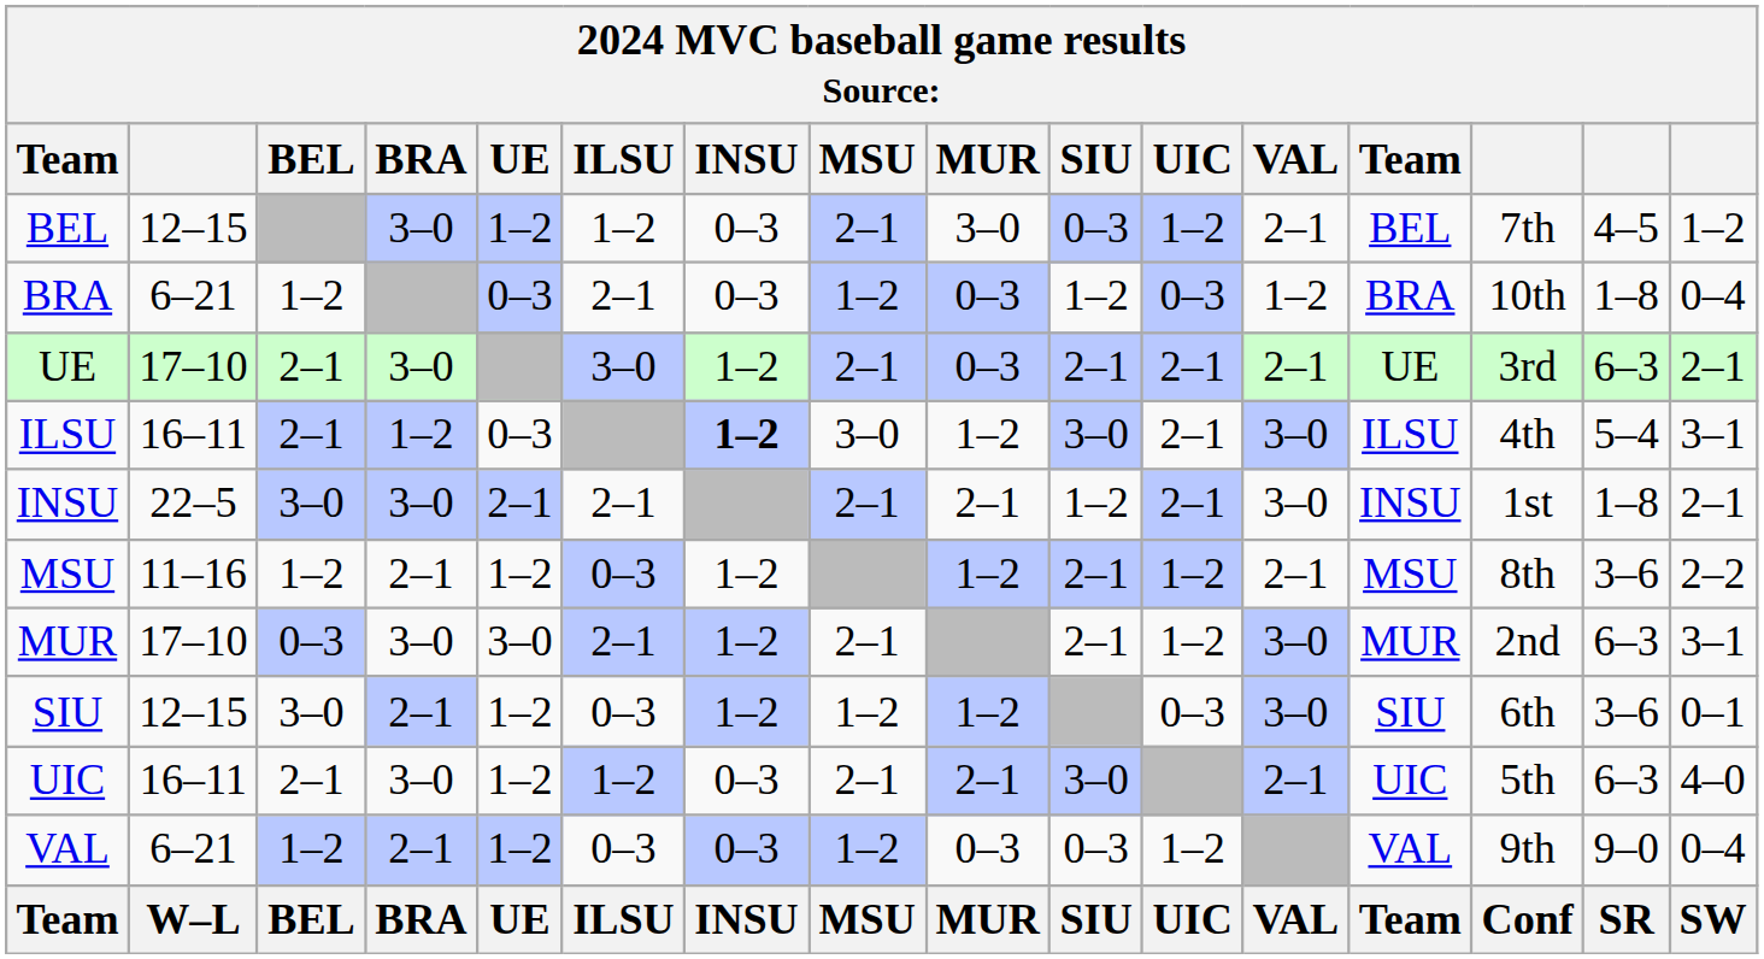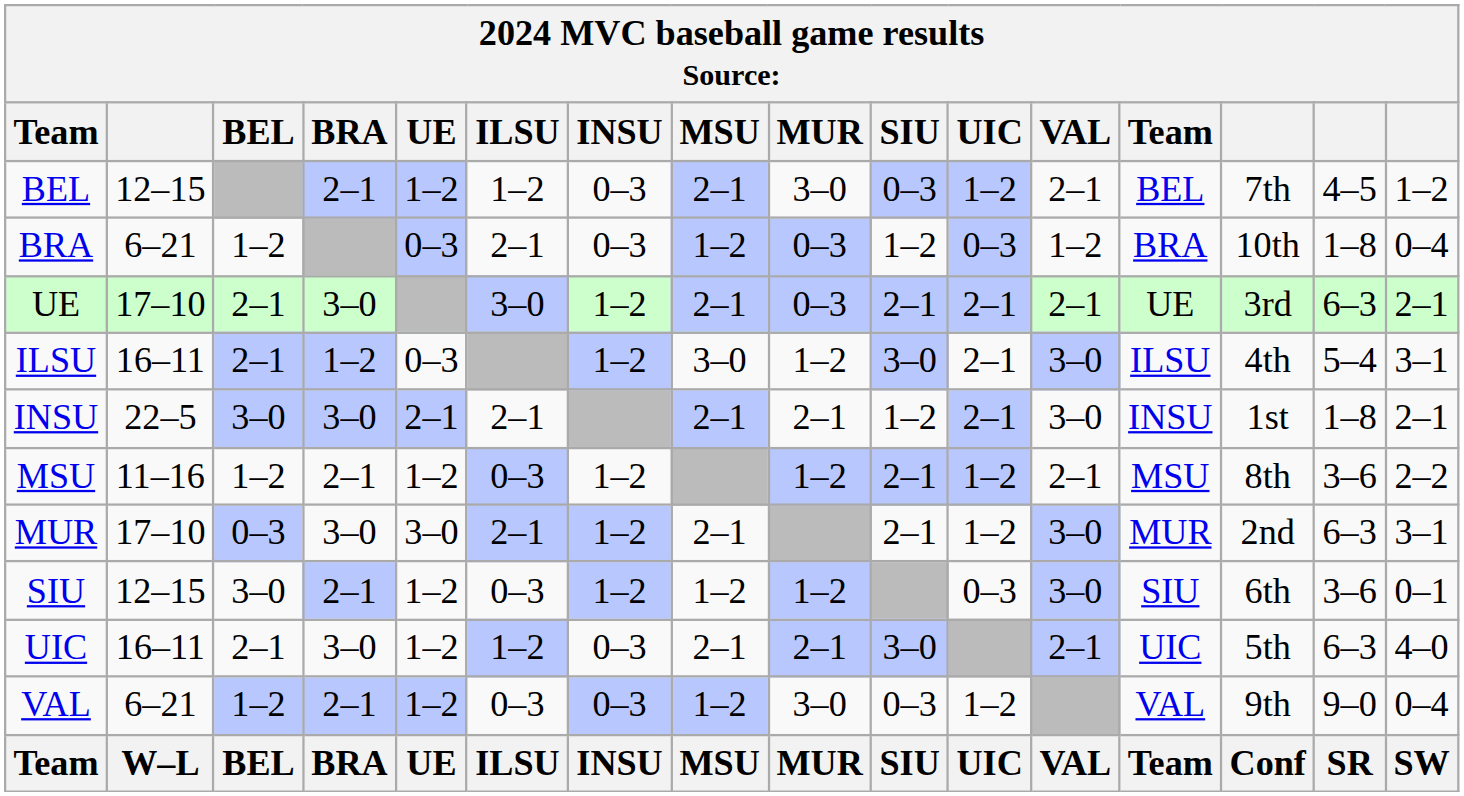 <table class="wikitable sortable" style="text-align:center">
 <tr>
 <th colspan="20">2024 MVC baseball game results<br><small>Source: </small></th>
 </tr>
 <tr>
 <th>Team</th>
 <th></th>
 <th class=unsortable>BEL</th>
 <th class=unsortable>BRA</th>
 <th class=unsortable>UE</th>
 <th class=unsortable>ILSU</th>
 <th class=unsortable>INSU</th>
 <th class=unsortable>MSU</th>
 <th class=unsortable>MUR</th>
 <th class=unsortable>SIU</th>
 <th class=unsortable>UIC</th>
 <th class=unsortable>VAL</th>
 <th>Team</th>
 <th></th>
 <th></th>
 <th></th>
 </tr>
 <tr>
 <td><a href='#'>BEL</a></td>
 <td>12–15</td>
 <td style="background-color:#BBBBBB"></td>
-<td style="background-color:#B8C8FF">3–0</td>
+<td style="background-color:#B8C8FF">2–1</td>
 <td style="background-color:#B8C8FF">1–2</td>
 <td>1–2</td>
 <td>0–3</td>
 <td style="background-color:#B8C8FF">2–1</td>
 <td>3–0</td>
 <td style="background-color:#B8C8FF">0–3</td>
 <td style="background-color:#B8C8FF">1–2</td>
 <td>2–1</td>
 <td><a href='#'>BEL</a></td>
 <td>7th</td>
 <td>4–5</td>
 <td>1–2</td>
 </tr>
 <tr>
 <td><a href='#'>BRA</a></td>
 <td>6–21</td>
 <td>1–2</td>
 <td style="background-color:#BBBBBB"></td>
 <td style="background-color:#B8C8FF">0–3</td>
 <td>2–1</td>
 <td>0–3</td>
 <td style="background-color:#B8C8FF">1–2</td>
 <td style="background-color:#B8C8FF">0–3</td>
 <td>1–2</td>
 <td style="background-color:#B8C8FF">0–3</td>
 <td>1–2</td>
 <td><a href='#'>BRA</a></td>
 <td>10th</td>
 <td>1–8</td>
 <td>0–4</td>
 </tr>
 <tr style="background-color:#CCFFCC">
 <td>UE</td>
 <td>17–10</td>
 <td>2–1</td>
 <td>3–0</td>
 <td style="background-color:#BBBBBB"></td>
 <td style="background-color:#B8C8FF">3–0</td>
 <td>1–2</td>
 <td style="background-color:#B8C8FF">2–1</td>
 <td style="background-color:#B8C8FF">0–3</td>
 <td style="background-color:#B8C8FF">2–1</td>
 <td style="background-color:#B8C8FF">2–1</td>
 <td>2–1</td>
 <td>UE</td>
 <td>3rd</td>
 <td>6–3</td>
 <td>2–1</td>
 </tr>
 <tr>
 <td><a href='#'>ILSU</a></td>
 <td>16–11</td>
 <td style="background-color:#B8C8FF">2–1</td>
 <td style="background-color:#B8C8FF">1–2</td>
 <td>0–3</td>
 <td style="background-color:#BBBBBB"></td>
-<td style="background-color:#B8C8FF"><strong>1–2</strong></td>
+<td style="background-color:#B8C8FF">1–2</td>
 <td>3–0</td>
 <td>1–2</td>
 <td style="background-color:#B8C8FF">3–0</td>
 <td>2–1</td>
 <td style="background-color:#B8C8FF">3–0</td>
 <td><a href='#'>ILSU</a></td>
 <td>4th</td>
 <td>5–4</td>
 <td>3–1</td>
 </tr>
 <tr>
 <td><a href='#'>INSU</a></td>
 <td>22–5</td>
 <td style="background-color:#B8C8FF">3–0</td>
 <td style="background-color:#B8C8FF">3–0</td>
 <td style="background-color:#B8C8FF">2–1</td>
 <td>2–1</td>
 <td style="background-color:#BBBBBB"></td>
 <td style="background-color:#B8C8FF">2–1</td>
 <td>2–1</td>
 <td>1–2</td>
 <td style="background-color:#B8C8FF">2–1</td>
 <td>3–0</td>
 <td><a href='#'>INSU</a></td>
 <td>1st</td>
 <td>1–8</td>
 <td>2–1</td>
 </tr>
 <tr>
 <td><a href='#'>MSU</a></td>
 <td>11–16</td>
 <td>1–2</td>
 <td>2–1</td>
 <td>1–2</td>
 <td style="background-color:#B8C8FF">0–3</td>
 <td>1–2</td>
 <td style="background-color:#BBBBBB"></td>
 <td style="background-color:#B8C8FF">1–2</td>
 <td style="background-color:#B8C8FF">2–1</td>
 <td style="background-color:#B8C8FF">1–2</td>
 <td>2–1</td>
 <td><a href='#'>MSU</a></td>
 <td>8th</td>
 <td>3–6</td>
 <td>2–2</td>
 </tr>
 <tr>
 <td><a href='#'>MUR</a></td>
 <td>17–10</td>
 <td style="background-color:#B8C8FF">0–3</td>
 <td>3–0</td>
 <td>3–0</td>
 <td style="background-color:#B8C8FF">2–1</td>
 <td style="background-color:#B8C8FF">1–2</td>
 <td>2–1</td>
 <td style="background-color:#BBBBBB"></td>
 <td>2–1</td>
 <td>1–2</td>
 <td style="background-color:#B8C8FF">3–0</td>
 <td><a href='#'>MUR</a></td>
 <td>2nd</td>
 <td>6–3</td>
 <td>3–1</td>
 </tr>
 <tr>
 <td><a href='#'>SIU</a></td>
 <td>12–15</td>
 <td>3–0</td>
 <td style="background-color:#B8C8FF">2–1</td>
 <td>1–2</td>
 <td>0–3</td>
 <td style="background-color:#B8C8FF">1–2</td>
 <td>1–2</td>
 <td style="background-color:#B8C8FF">1–2</td>
 <td style="background-color:#BBBBBB"></td>
 <td>0–3</td>
 <td style="background-color:#B8C8FF">3–0</td>
 <td><a href='#'>SIU</a></td>
 <td>6th</td>
 <td>3–6</td>
 <td>0–1</td>
 </tr>
 <tr>
 <td><a href='#'>UIC</a></td>
 <td>16–11</td>
 <td>2–1</td>
 <td>3–0</td>
 <td>1–2</td>
 <td style="background-color:#B8C8FF">1–2</td>
 <td>0–3</td>
 <td>2–1</td>
 <td style="background-color:#B8C8FF">2–1</td>
 <td style="background-color:#B8C8FF">3–0</td>
 <td style="background-color:#BBBBBB"></td>
 <td style="background-color:#B8C8FF">2–1</td>
 <td><a href='#'>UIC</a></td>
 <td>5th</td>
 <td>6–3</td>
 <td>4–0</td>
 </tr>
 <tr>
 <td><a href='#'>VAL</a></td>
 <td>6–21</td>
 <td style="background-color:#B8C8FF">1–2</td>
 <td style="background-color:#B8C8FF">2–1</td>
 <td style="background-color:#B8C8FF">1–2</td>
 <td>0–3</td>
 <td style="background-color:#B8C8FF">0–3</td>
 <td style="background-color:#B8C8FF">1–2</td>
-<td>0–3</td>
+<td>3–0</td>
 <td>0–3</td>
 <td>1–2</td>
 <td style="background-color:#BBBBBB"></td>
 <td><a href='#'>VAL</a></td>
 <td>9th</td>
 <td>9–0</td>
 <td>0–4</td>
 </tr>
 <tr>
 <th>Team</th>
 <th>W–L</th>
 <th>BEL</th>
 <th>BRA</th>
 <th>UE</th>
 <th>ILSU</th>
 <th>INSU</th>
 <th>MSU</th>
 <th>MUR</th>
 <th>SIU</th>
 <th>UIC</th>
 <th>VAL</th>
 <th>Team</th>
 <th>Conf</th>
 <th>SR</th>
 <th>SW</th>
 </tr>
 </table>
